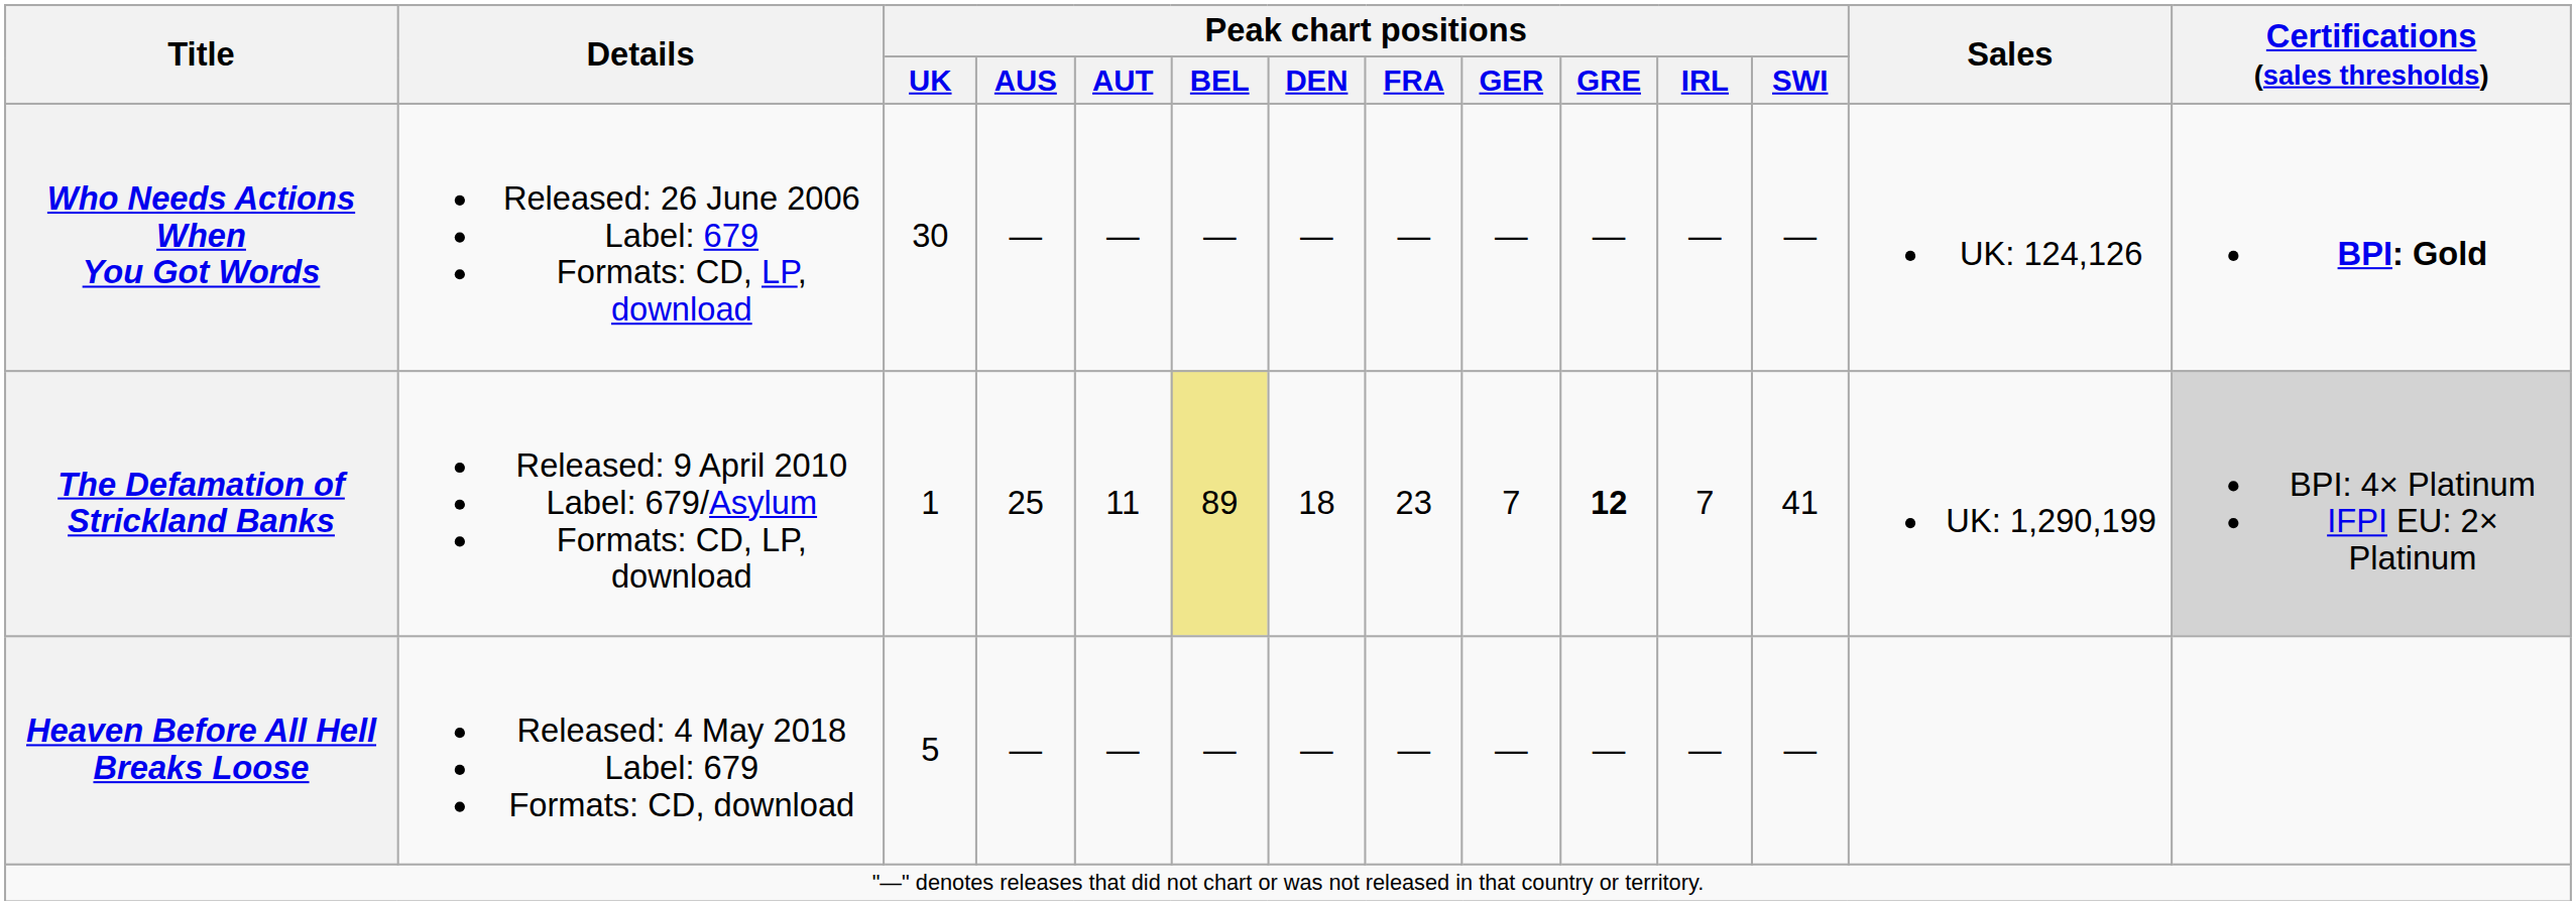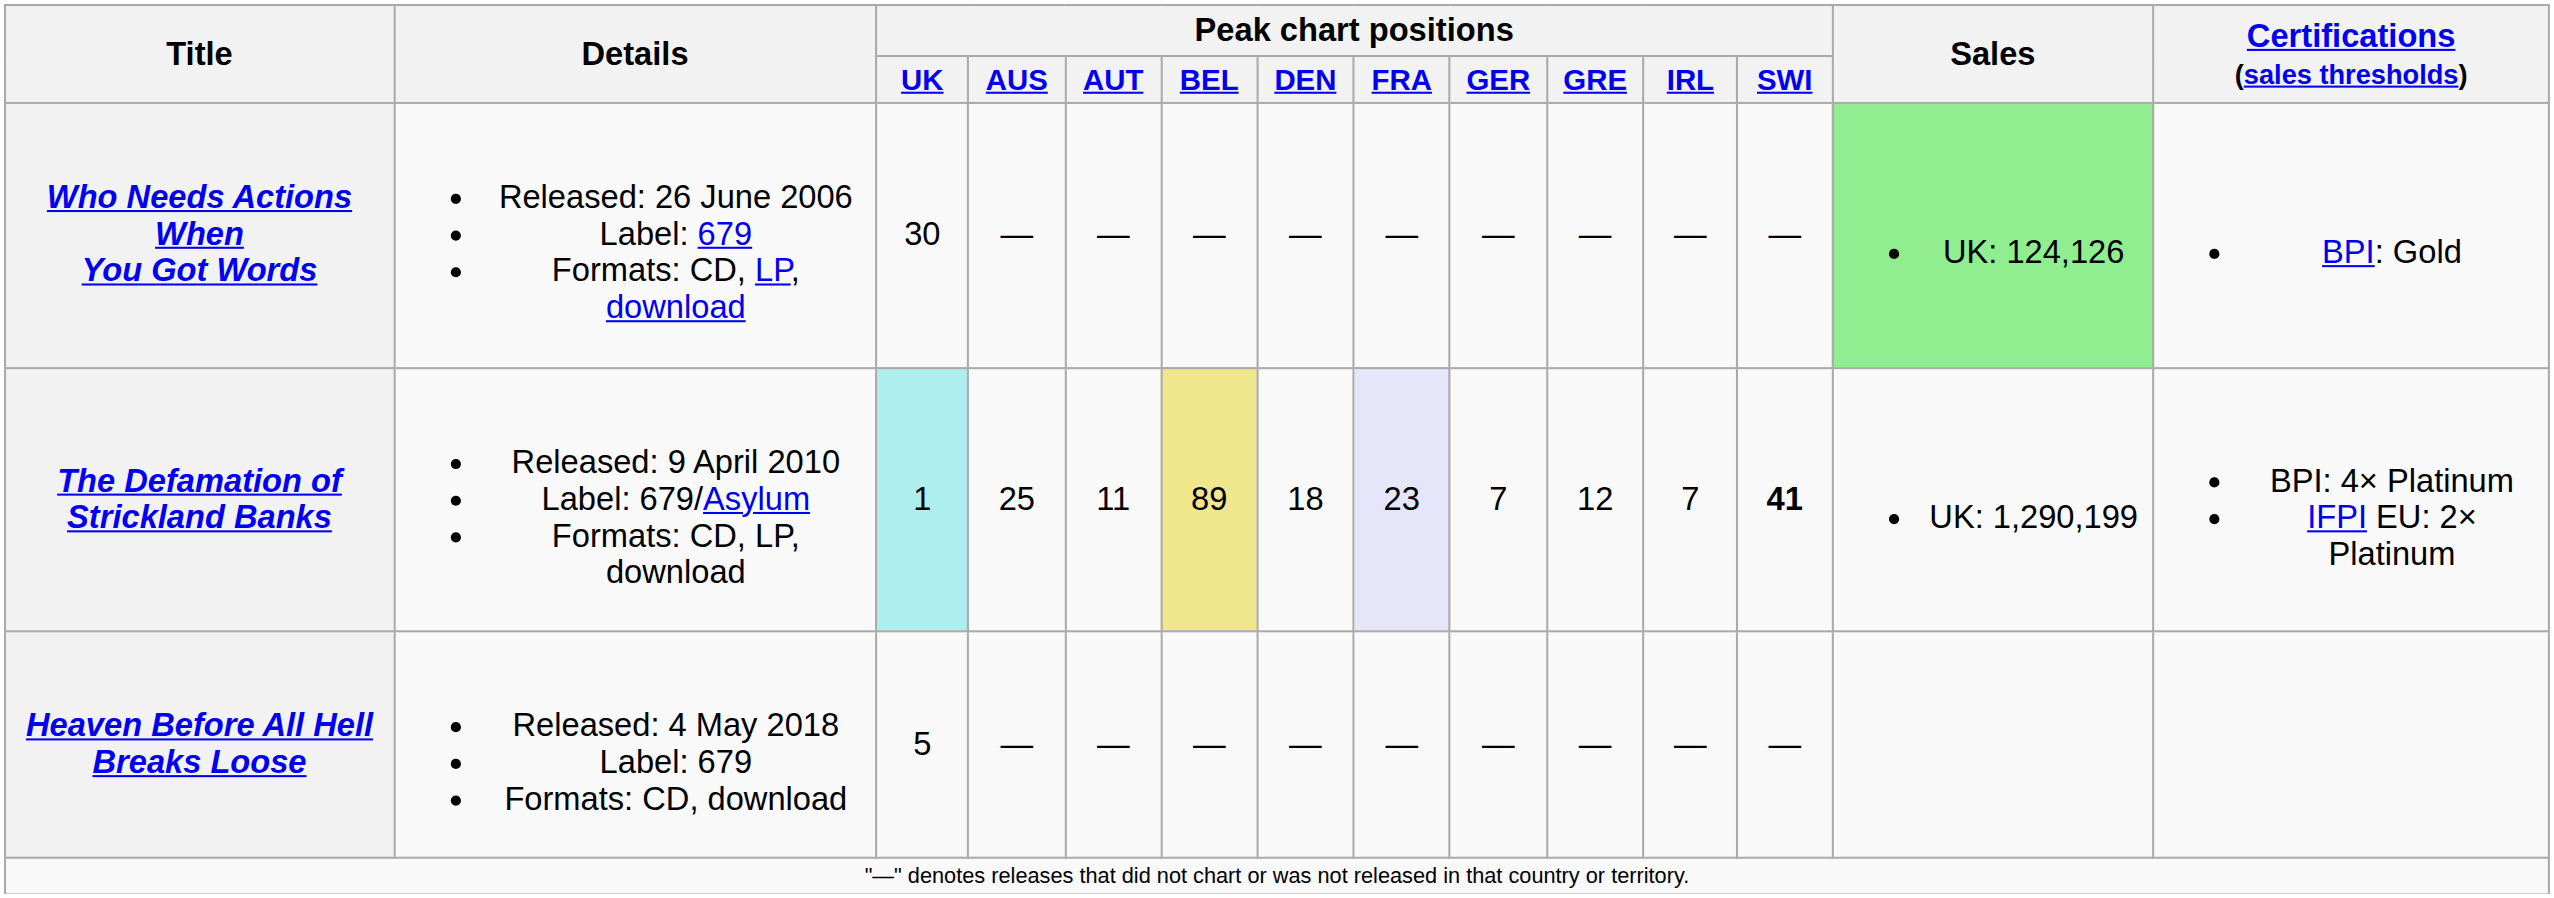 <table class="wikitable plainrowheaders" style="text-align:center;" border="1">
 <tr>
 <th scope="col" rowspan="2" style="width:13em;">Title</th>
 <th scope="col" rowspan="2" style="width:16em;">Details</th>
 <th scope="col" colspan="10">Peak chart positions</th>
 <th scope="col" rowspan="2" style="width:10em;">Sales</th>
 <th scope="col" rowspan="2" style="width:13em;"><a href='#'>Certifications</a><br><small>(<a href='#'>sales thresholds</a>)</small></th>
 </tr>
 <tr>
 <th scope="col" style="width:3em;font-size:90%;"><a href='#'>UK</a><br></th>
 <th scope="col" style="width:3em;font-size:90%;"><a href='#'>AUS</a><br></th>
 <th scope="col" style="width:3em;font-size:90%;"><a href='#'>AUT</a><br></th>
 <th scope="col" style="width:3em;font-size:90%;"><a href='#'>BEL</a><br></th>
 <th scope="col" style="width:3em;font-size:90%;"><a href='#'>DEN</a><br></th>
 <th scope="col" style="width:3em;font-size:90%;"><a href='#'>FRA</a><br></th>
 <th scope="col" style="width:3em;font-size:90%;"><a href='#'>GER</a><br></th>
 <th scope="col" style="width:3em;font-size:90%;"><a href='#'>GRE</a><br></th>
 <th scope="col" style="width:3em;font-size:90%;"><a href='#'>IRL</a><br></th>
 <th scope="col" style="width:3em;font-size:90%;"><a href='#'>SWI</a> <br></th>
 </tr>
 <tr>
 <th scope="row"><em><a href='#'>Who Needs Actions When<br>You Got Words</a></em></th>
 <td><br><ul><li>Released: 26 June 2006</li><li>Label: <a href='#'>679</a></li><li>Formats: CD, <a href='#'>LP</a>, <a href='#'>download</a></li></ul></td>
 <td>30</td>
 <td>—</td>
 <td>—</td>
 <td>—</td>
 <td>—</td>
 <td>—</td>
 <td>—</td>
 <td>—</td>
 <td>—</td>
 <td>—</td>
-<td><br><ul><li>UK: 124,126</li></ul></td>
-<td><strong><br><ul><li><a href='#'>BPI</a>: Gold</li></ul></strong></td>
+<td style="background: lightgreen;"><br><ul><li>UK: 124,126</li></ul></td>
+<td><br><ul><li><a href='#'>BPI</a>: Gold</li></ul></td>
 </tr>
 <tr>
 <th scope="row"><em><a href='#'>The Defamation of<br>Strickland Banks</a></em></th>
 <td><br><ul><li>Released: 9 April 2010</li><li>Label: 679/<a href='#'>Asylum</a></li><li>Formats: CD, LP, download</li></ul></td>
-<td>1</td>
+<td style="background: paleturquoise;">1</td>
 <td>25</td>
 <td>11</td>
 <td style="background: khaki;">89</td>
 <td>18</td>
-<td>23</td>
+<td style="background: lavender;">23</td>
 <td>7</td>
-<td><strong>12</strong></td>
+<td>12</td>
 <td>7</td>
-<td>41</td>
+<td><strong>41</strong></td>
 <td><br><ul><li>UK: 1,290,199</li></ul></td>
-<td style="background: lightgrey;"><br><ul><li>BPI: 4× Platinum</li><li><a href='#'>IFPI</a> EU: 2× Platinum</li></ul></td>
+<td><br><ul><li>BPI: 4× Platinum</li><li><a href='#'>IFPI</a> EU: 2× Platinum</li></ul></td>
 </tr>
 <tr>
 <th scope="row"><em><a href='#'>Heaven Before All Hell Breaks Loose</a></em></th>
 <td><br><ul><li>Released: 4 May 2018</li><li>Label: 679</li><li>Formats: CD, download</li></ul></td>
 <td>5</td>
 <td>—</td>
 <td>—</td>
 <td>—</td>
 <td>—</td>
 <td>—</td>
 <td>—</td>
 <td>—</td>
 <td>—</td>
 <td>—</td>
 <td></td>
 <td></td>
 </tr>
 <tr>
 <td colspan="15" style="font-size:8pt" align="center">"—" denotes releases that did not chart or was not released in that country or territory.</td>
 </tr>
 </table>
